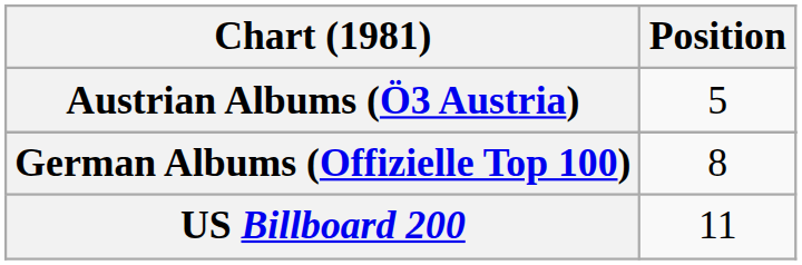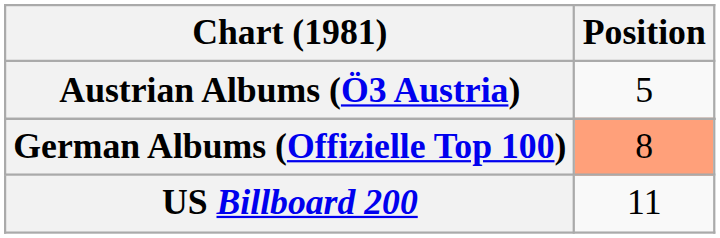 <table class="wikitable sortable plainrowheaders" style="text-align:center">
 <tr>
 <th scope="col">Chart (1981)</th>
 <th scope="col">Position</th>
 </tr>
 <tr>
 <th scope="row">Austrian Albums (<a href='#'>Ö3 Austria</a>)</th>
 <td>5</td>
 </tr>
 <tr>
 </tr>
 <tr>
 <th scope="row">German Albums (<a href='#'>Offizielle Top 100</a>)</th>
-<td>8</td>
+<td style="background: lightsalmon;">8</td>
 </tr>
 <tr>
 <th scope="row">US <em><a href='#'>Billboard 200</a></em></th>
 <td>11</td>
 </tr>
 </table>
